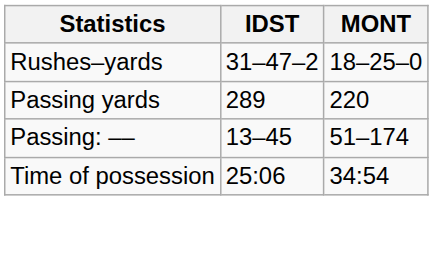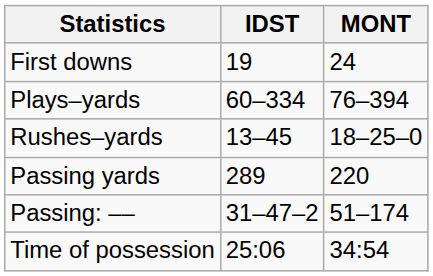 <table class="wikitable" style="float:left">
 <tr>
 <th>Statistics</th>
 <th>IDST</th>
 <th>MONT</th>
 </tr>
 <tr>
+<td>First downs</td>
+<td>19</td>
+<td>24</td>
+</tr>
+<tr>
+<td>Plays–yards</td>
+<td>60–334</td>
+<td>76–394</td>
+</tr>
+<tr>
 <td>Rushes–yards</td>
-<td>31–47–2</td>
+<td>13–45</td>
 <td>18–25–0</td>
 </tr>
 <tr>
 <td>Passing yards</td>
 <td>289</td>
 <td>220</td>
 </tr>
 <tr>
 <td>Passing: ––</td>
-<td>13–45</td>
+<td>31–47–2</td>
 <td>51–174</td>
 </tr>
 <tr>
 <td>Time of possession</td>
 <td>25:06</td>
 <td>34:54</td>
 </tr>
 </table>
